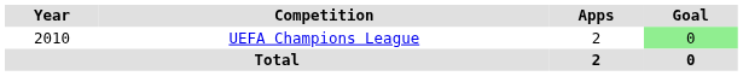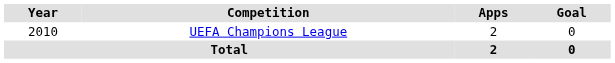 <table border="0" cellpadding="2" cellspacing="0" style="width:50%;">
 <tr style="text-align:center; background:#e0e0e0;">
 <th>Year</th>
 <th>Competition</th>
 <th>Apps</th>
 <th>Goal</th>
 </tr>
 <tr style="text-align:center;">
 <td>2010</td>
 <td><a href='#'>UEFA Champions League</a></td>
 <td>2</td>
-<td style="background: lightgreen;">0</td>
+<td>0</td>
 </tr>
 <tr style="text-align:center; background:#e0e0e0;">
 <th colspan="2">Total</th>
 <th style="text-align:center;">2</th>
 <th style="text-align:center;">0</th>
 </tr>
 </table>
